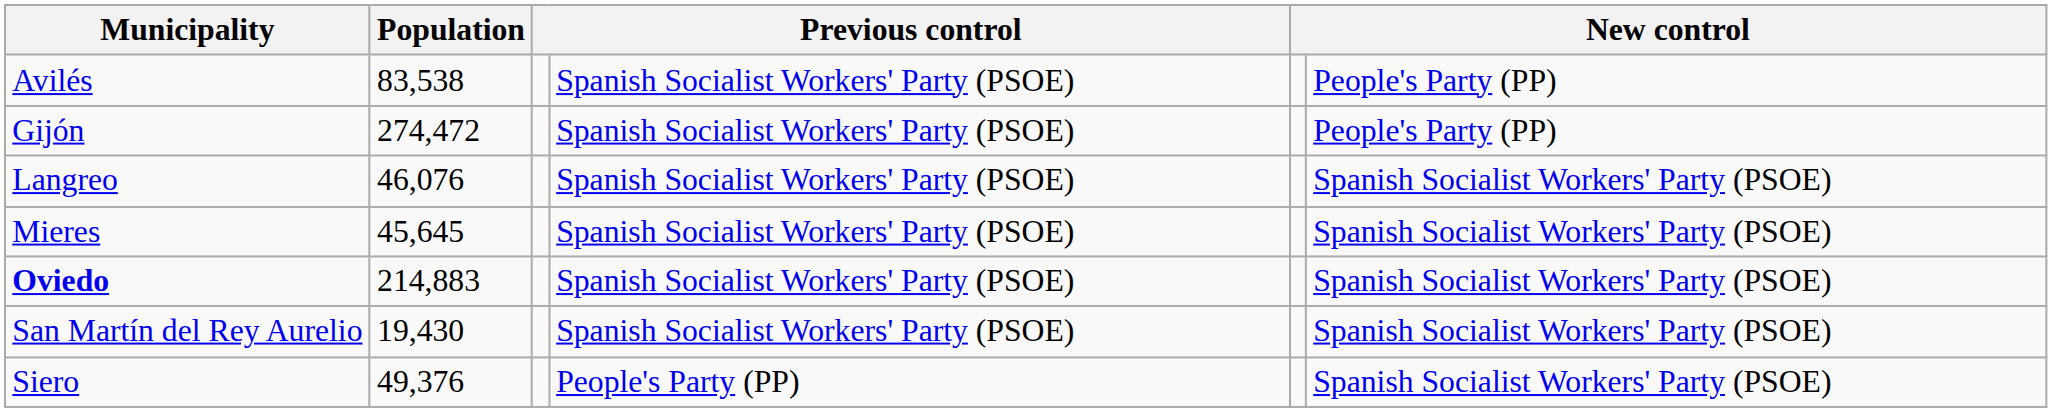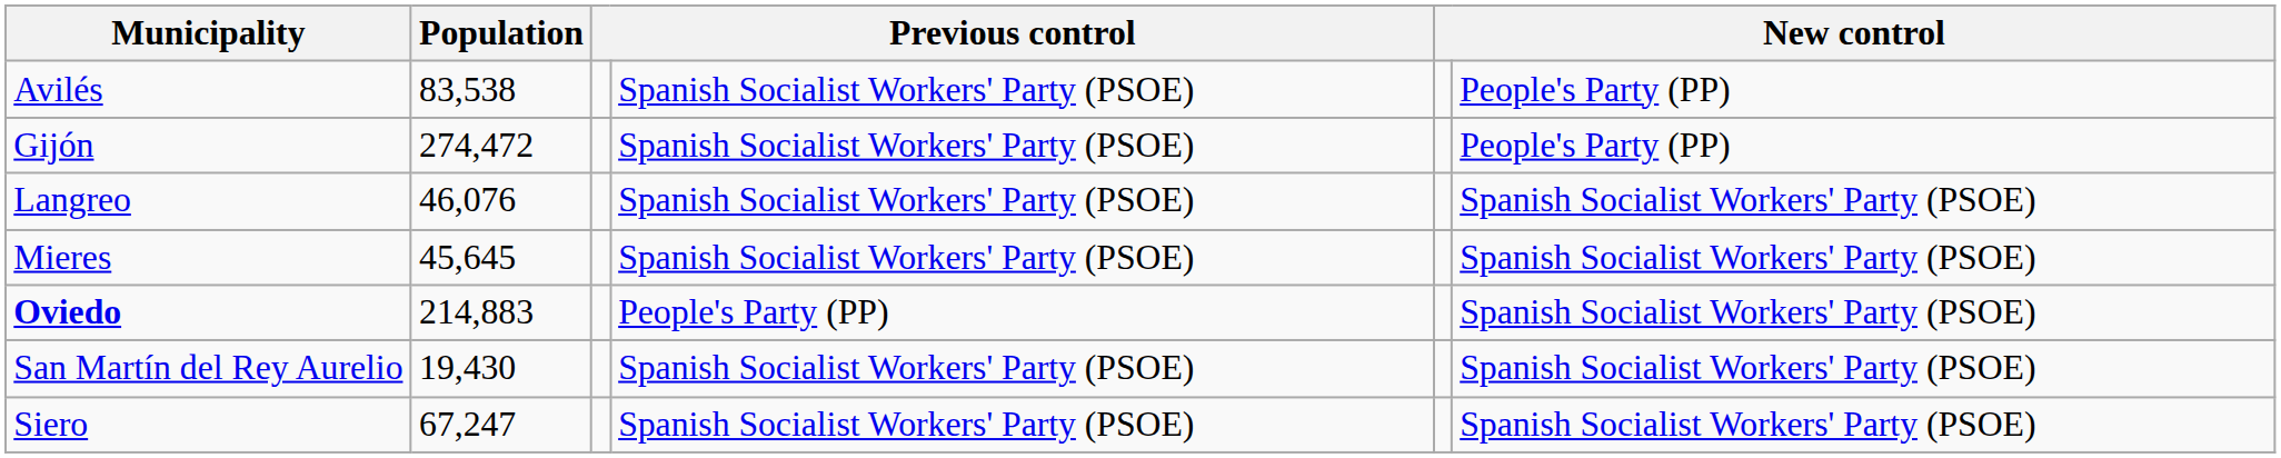 <table class="wikitable sortable">
 <tr>
 <th>Municipality</th>
 <th>Population</th>
 <th colspan="2" style="width:375px;">Previous control</th>
 <th colspan="2" style="width:375px;">New control</th>
 </tr>
 <tr>
 <td><a href='#'>Avilés</a></td>
 <td>83,538</td>
 <td width="1" style="color:inherit;background:"></td>
 <td><a href='#'>Spanish Socialist Workers' Party</a> (PSOE)</td>
 <td width="1" style="color:inherit;background:"></td>
 <td><a href='#'>People's Party</a> (PP)</td>
 </tr>
 <tr>
 <td><a href='#'>Gijón</a></td>
 <td>274,472</td>
 <td style="color:inherit;background:"></td>
 <td><a href='#'>Spanish Socialist Workers' Party</a> (PSOE)</td>
 <td style="color:inherit;background:"></td>
 <td><a href='#'>People's Party</a> (PP)</td>
 </tr>
 <tr>
 <td><a href='#'>Langreo</a></td>
 <td>46,076</td>
 <td style="color:inherit;background:"></td>
 <td><a href='#'>Spanish Socialist Workers' Party</a> (PSOE)</td>
 <td style="color:inherit;background:"></td>
 <td><a href='#'>Spanish Socialist Workers' Party</a> (PSOE)</td>
 </tr>
 <tr>
 <td><a href='#'>Mieres</a></td>
 <td>45,645</td>
 <td style="color:inherit;background:"></td>
 <td><a href='#'>Spanish Socialist Workers' Party</a> (PSOE)</td>
 <td style="color:inherit;background:"></td>
 <td><a href='#'>Spanish Socialist Workers' Party</a> (PSOE)</td>
 </tr>
 <tr>
 <td><strong><a href='#'>Oviedo</a></strong></td>
 <td>214,883</td>
 <td style="color:inherit;background:"></td>
-<td><a href='#'>Spanish Socialist Workers' Party</a> (PSOE)</td>
+<td><a href='#'>People's Party</a> (PP)</td>
 <td style="color:inherit;background:"></td>
 <td><a href='#'>Spanish Socialist Workers' Party</a> (PSOE)</td>
 </tr>
 <tr>
 <td><a href='#'>San Martín del Rey Aurelio</a></td>
 <td>19,430</td>
 <td style="color:inherit;background:"></td>
 <td><a href='#'>Spanish Socialist Workers' Party</a> (PSOE)</td>
 <td style="color:inherit;background:"></td>
 <td><a href='#'>Spanish Socialist Workers' Party</a> (PSOE)</td>
 </tr>
 <tr>
 <td><a href='#'>Siero</a></td>
-<td>49,376</td>
+<td>67,247</td>
 <td style="color:inherit;background:"></td>
-<td><a href='#'>People's Party</a> (PP)</td>
+<td><a href='#'>Spanish Socialist Workers' Party</a> (PSOE)</td>
 <td style="color:inherit;background:"></td>
 <td><a href='#'>Spanish Socialist Workers' Party</a> (PSOE)</td>
 </tr>
 </table>
